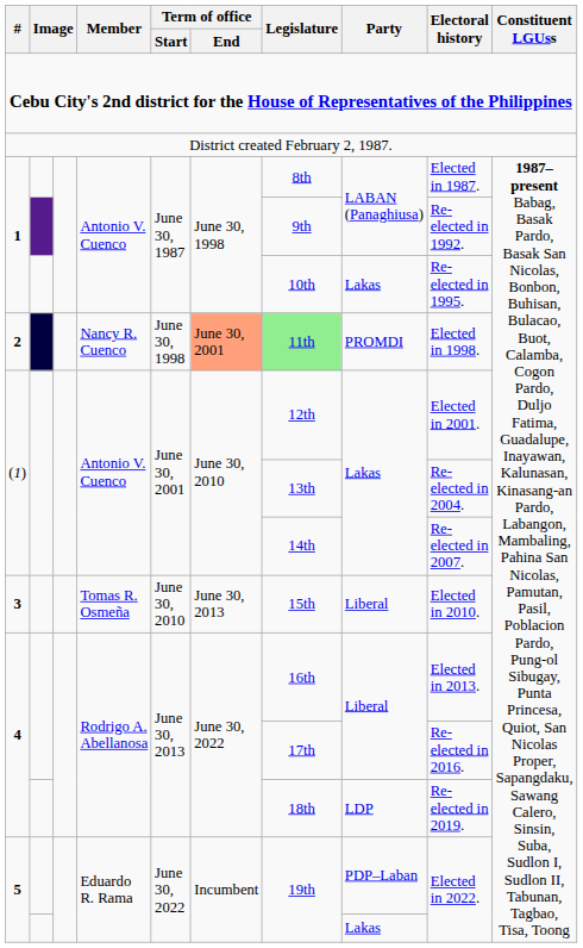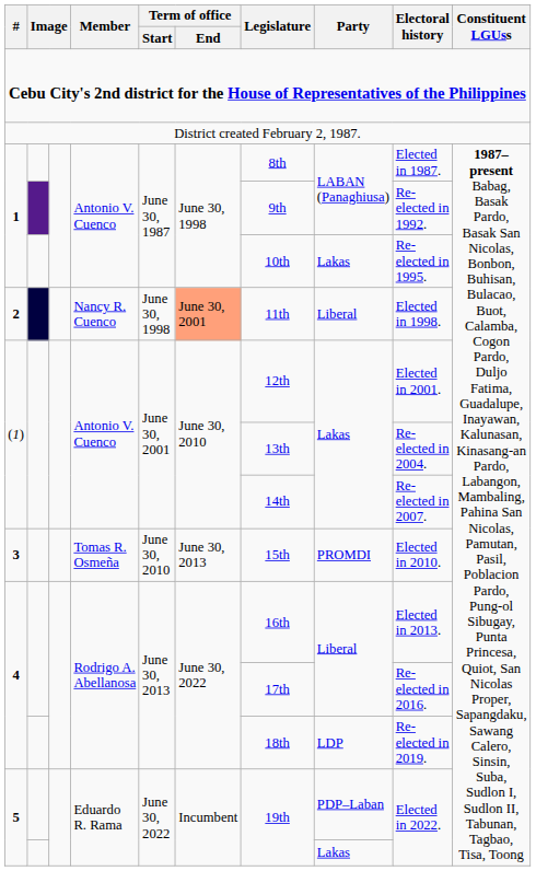 <table class=wikitable>
 <tr>
 <th rowspan="2">#</th>
 <th rowspan="2" colspan=2>Image</th>
 <th rowspan="2">Member</th>
 <th colspan=2>Term of office</th>
 <th rowspan="2">Legislature</th>
 <th rowspan="2">Party</th>
 <th rowspan="2">Electoral history</th>
 <th rowspan="2">Constituent<br><a href='#'>LGUs</a>s</th>
 </tr>
 <tr>
 <th>Start</th>
 <th>End</th>
 </tr>
 <tr>
 <td colspan="10" style="text-align:center;"><br><h3>Cebu City's 2nd district for the <a href='#'>House of Representatives of the Philippines</a></h3></td>
 </tr>
 <tr>
 <td colspan="10" style="text-align:center;">District created February 2, 1987.</td>
 </tr>
 <tr>
 <td rowspan="3" style="text-align:center;"><strong>1</strong></td>
 <td style="color:inherit;background:"></td>
 <td rowspan="3"></td>
 <td rowspan="3"><a href='#'>Antonio V. Cuenco</a></td>
 <td rowspan="3">June 30, 1987</td>
 <td rowspan="3">June 30, 1998</td>
 <td style="text-align:center;"><a href='#'>8th</a></td>
 <td rowspan="2"><a href='#'>LABAN</a><br>(<a href='#'>Panaghiusa</a>)</td>
 <td><a href='#'>Elected in 1987</a>.</td>
 <td rowspan="13" style="text-align:center;"><strong>1987–present</strong><br>Babag, Basak Pardo,<br>Basak San Nicolas, Bonbon,<br>Buhisan, Bulacao, Buot,<br>Calamba, Cogon Pardo,<br>Duljo Fatima, Guadalupe,<br>Inayawan, Kalunasan,<br>Kinasang-an Pardo, Labangon,<br>Mambaling, Pahina San Nicolas,<br>Pamutan, Pasil, Poblacion Pardo,<br>Pung-ol Sibugay, Punta Princesa,<br>Quiot, San Nicolas Proper,<br>Sapangdaku, Sawang Calero,<br>Sinsin, Suba, Sudlon I, Sudlon II, Tabunan, Tagbao, Tisa, Toong</td>
 </tr>
 <tr>
 <td style="color:inherit;background:#551a8b;"></td>
 <td style="text-align:center;"><a href='#'>9th</a></td>
 <td><a href='#'>Re-elected in 1992</a>.</td>
 </tr>
 <tr>
 <td style="color:inherit;background:"></td>
 <td style="text-align:center;"><a href='#'>10th</a></td>
 <td><a href='#'>Lakas</a></td>
 <td><a href='#'>Re-elected in 1995</a>.</td>
 </tr>
 <tr>
 <td style="text-align:center;"><strong>2</strong></td>
 <td style="color:inherit;background:#000040;"></td>
 <td></td>
 <td><a href='#'>Nancy R. Cuenco</a></td>
 <td>June 30, 1998</td>
 <td style="background: lightsalmon;">June 30, 2001</td>
-<td style="background: lightgreen; text-align:center;"><a href='#'>11th</a></td>
-<td><a href='#'>PROMDI</a></td>
+<td style="text-align:center;"><a href='#'>11th</a></td>
+<td><a href='#'>Liberal</a></td>
 <td><a href='#'>Elected in 1998</a>.</td>
 </tr>
 <tr>
 <td rowspan="3" style="text-align:center;">(<em>1</em>)</td>
 <td rowspan="3" style="color:inherit;background:"></td>
 <td rowspan="3"></td>
 <td rowspan="3"><a href='#'>Antonio V. Cuenco</a></td>
 <td rowspan="3">June 30, 2001</td>
 <td rowspan="3">June 30, 2010</td>
 <td style="text-align:center;"><a href='#'>12th</a></td>
 <td rowspan="3"><a href='#'>Lakas</a></td>
 <td><a href='#'>Elected in 2001</a>.</td>
 </tr>
 <tr>
 <td style="text-align:center;"><a href='#'>13th</a></td>
 <td><a href='#'>Re-elected in 2004</a>.</td>
 </tr>
 <tr>
 <td style="text-align:center;"><a href='#'>14th</a></td>
 <td><a href='#'>Re-elected in 2007</a>.</td>
 </tr>
 <tr>
 <td style="text-align:center;"><strong>3</strong></td>
 <td style="color:inherit;background:"></td>
 <td></td>
 <td><a href='#'>Tomas R. Osmeña</a></td>
 <td>June 30, 2010</td>
 <td>June 30, 2013</td>
 <td style="text-align:center;"><a href='#'>15th</a></td>
-<td><a href='#'>Liberal</a></td>
+<td><a href='#'>PROMDI</a></td>
 <td><a href='#'>Elected in 2010</a>.</td>
 </tr>
 <tr>
 <td rowspan="3" style="text-align:center;"><strong>4</strong></td>
 <td rowspan="2" style="color:inherit;background:"></td>
 <td rowspan="3"></td>
 <td rowspan="3"><a href='#'>Rodrigo A. Abellanosa</a></td>
 <td rowspan="3">June 30, 2013</td>
 <td rowspan="3">June 30, 2022</td>
 <td style="text-align:center;"><a href='#'>16th</a></td>
 <td rowspan="2"><a href='#'>Liberal</a></td>
 <td><a href='#'>Elected in 2013</a>.</td>
 </tr>
 <tr>
 <td style="text-align:center;"><a href='#'>17th</a></td>
 <td><a href='#'>Re-elected in 2016</a>.</td>
 </tr>
 <tr>
 <td style="color:inherit;background:"></td>
 <td style="text-align:center;"><a href='#'>18th</a></td>
 <td><a href='#'>LDP</a></td>
 <td><a href='#'>Re-elected in 2019</a>.</td>
 </tr>
 <tr>
 <td rowspan="2" style="text-align:center;"><strong>5</strong></td>
 <td style="color:inherit;background:"></td>
 <td rowspan="2"></td>
 <td rowspan="2">Eduardo R. Rama</td>
 <td rowspan="2">June 30, 2022</td>
 <td rowspan="2">Incumbent</td>
 <td style="text-align:center;" rowspan="2"><a href='#'>19th</a></td>
 <td><a href='#'>PDP–Laban</a></td>
 <td rowspan="2"><a href='#'>Elected in 2022</a>.</td>
 </tr>
 <tr>
 <td style="color:inherit;background:"></td>
 <td><a href='#'>Lakas</a></td>
 </tr>
 </table>
